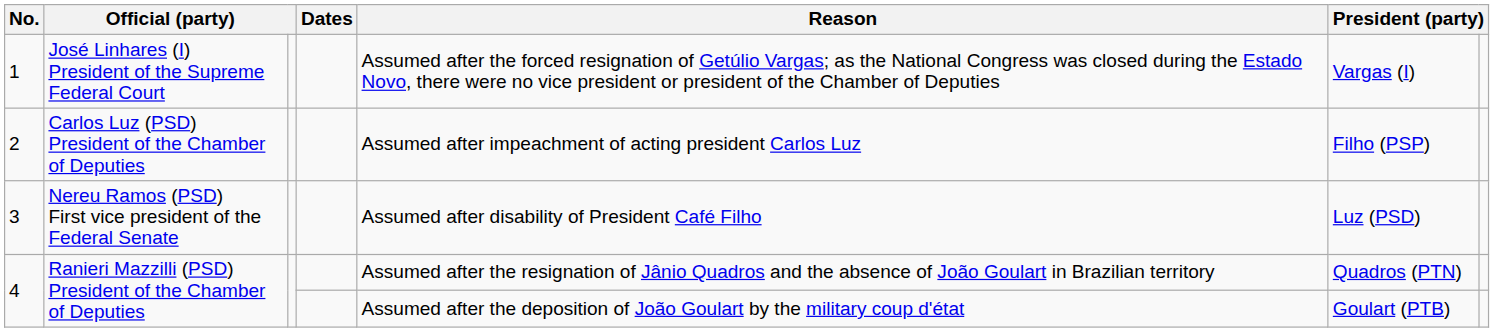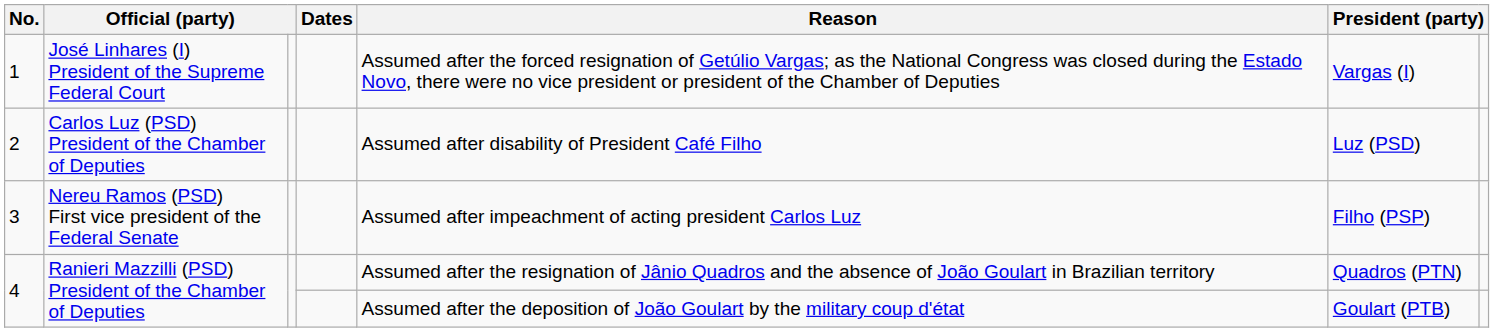 <table class=wikitable>
 <tr>
 <th><abbr>No.</abbr></th>
 <th colspan=2>Official (party)</th>
 <th>Dates</th>
 <th>Reason</th>
 <th colspan=2>President (party)</th>
 </tr>
 <tr>
 <td>1</td>
 <td><a href='#'>José Linhares</a> (<a href='#'>I</a>)<br><a href='#'>President of the Supreme Federal Court</a></td>
 <td style="background:"></td>
 <td nowrap></td>
 <td>Assumed after the forced resignation of <a href='#'>Getúlio Vargas</a>; as the National Congress was closed during the <a href='#'>Estado Novo</a>, there were no vice president or president of the Chamber of Deputies</td>
 <td><a href='#'>Vargas</a> (<a href='#'>I</a>)</td>
 <td style="background:"></td>
 </tr>
 <tr>
 <td>2</td>
 <td><a href='#'>Carlos Luz</a> (<a href='#'>PSD</a>)<br><a href='#'>President of the Chamber of Deputies</a></td>
 <td style="background:"></td>
 <td nowrap></td>
-<td>Assumed after impeachment of acting president <a href='#'>Carlos Luz</a></td>
-<td><a href='#'>Filho</a> (<a href='#'>PSP</a>)</td>
+<td>Assumed after disability of President <a href='#'>Café Filho</a></td>
+<td><a href='#'>Luz</a> (<a href='#'>PSD</a>)</td>
 <td style="background:"></td>
 </tr>
 <tr>
 <td>3</td>
 <td><a href='#'>Nereu Ramos</a> (<a href='#'>PSD</a>)<br>First vice president of the <a href='#'>Federal Senate</a></td>
 <td style="background:"></td>
 <td nowrap></td>
-<td>Assumed after disability of President <a href='#'>Café Filho</a></td>
-<td><a href='#'>Luz</a> (<a href='#'>PSD</a>)</td>
+<td>Assumed after impeachment of acting president <a href='#'>Carlos Luz</a></td>
+<td><a href='#'>Filho</a> (<a href='#'>PSP</a>)</td>
 <td style="background:"></td>
 </tr>
 <tr>
 <td rowspan=2>4</td>
 <td rowspan=2><a href='#'>Ranieri Mazzilli</a> (<a href='#'>PSD</a>)<br><a href='#'>President of the Chamber of Deputies</a></td>
 <td rowspan=2 style="background:"></td>
 <td nowrap></td>
 <td>Assumed after the resignation of <a href='#'>Jânio Quadros</a> and the absence of <a href='#'>João Goulart</a> in Brazilian territory</td>
 <td><a href='#'>Quadros</a> (<a href='#'>PTN</a>)</td>
 <td style="background:"></td>
 </tr>
 <tr>
 <td nowrap></td>
 <td>Assumed after the deposition of <a href='#'>João Goulart</a> by the <a href='#'>military coup d'état</a></td>
 <td><a href='#'>Goulart</a> (<a href='#'>PTB</a>)</td>
 <td style="background:"></td>
 </tr>
 </table>
